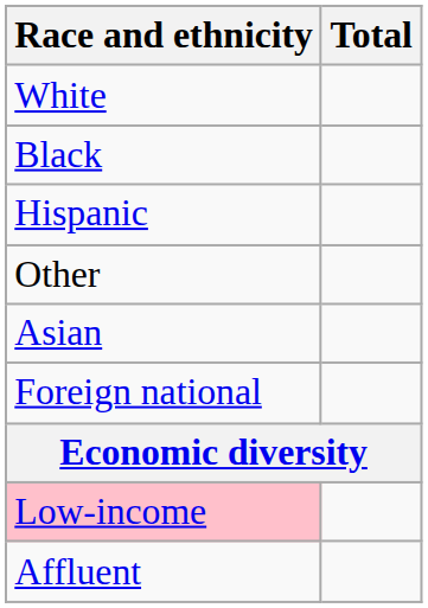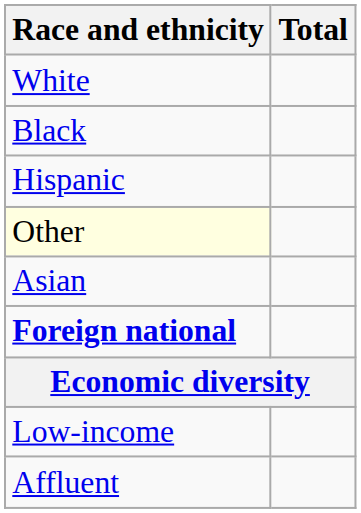 <table class="wikitable floatright sortable collapsible"; text-align:right; font-size:80%;">
 <tr>
 <th>Race and ethnicity</th>
 <th colspan="2" data-sort-type=number>Total</th>
 </tr>
 <tr>
 <td><a href='#'>White</a></td>
 <td align=right></td>
 </tr>
 <tr>
 <td><a href='#'>Black</a></td>
 <td align=right></td>
 </tr>
 <tr>
 <td><a href='#'>Hispanic</a></td>
 <td align=right></td>
 </tr>
 <tr>
-<td>Other</td>
+<td style="background: lightyellow;">Other</td>
 <td align=right></td>
 </tr>
 <tr>
 <td><a href='#'>Asian</a></td>
 <td align=right></td>
 </tr>
 <tr>
-<td><a href='#'>Foreign national</a></td>
+<td><strong><a href='#'>Foreign national</a></strong></td>
 <td align=right></td>
 </tr>
 <tr>
 <th colspan="4" data-sort-type=number><a href='#'>Economic diversity</a></th>
 </tr>
 <tr>
-<td style="background: pink;"><a href='#'>Low-income</a></td>
+<td><a href='#'>Low-income</a></td>
 <td align=right></td>
 </tr>
 <tr>
 <td><a href='#'>Affluent</a></td>
 <td align=right></td>
 </tr>
 </table>
